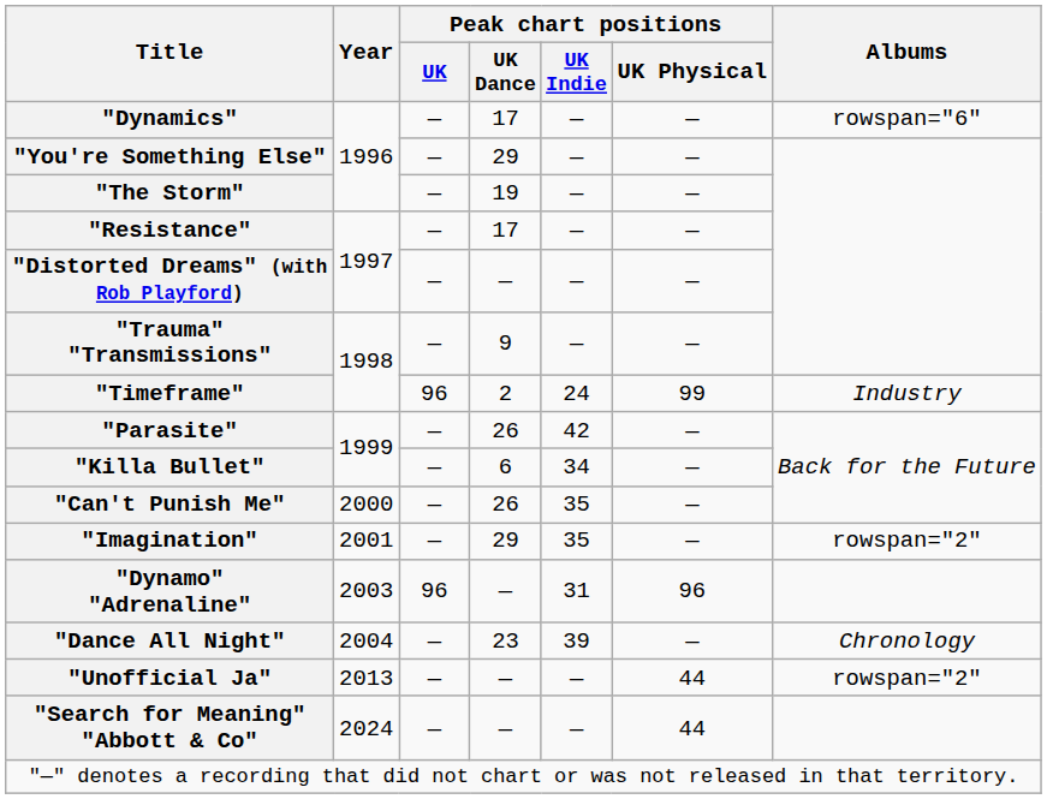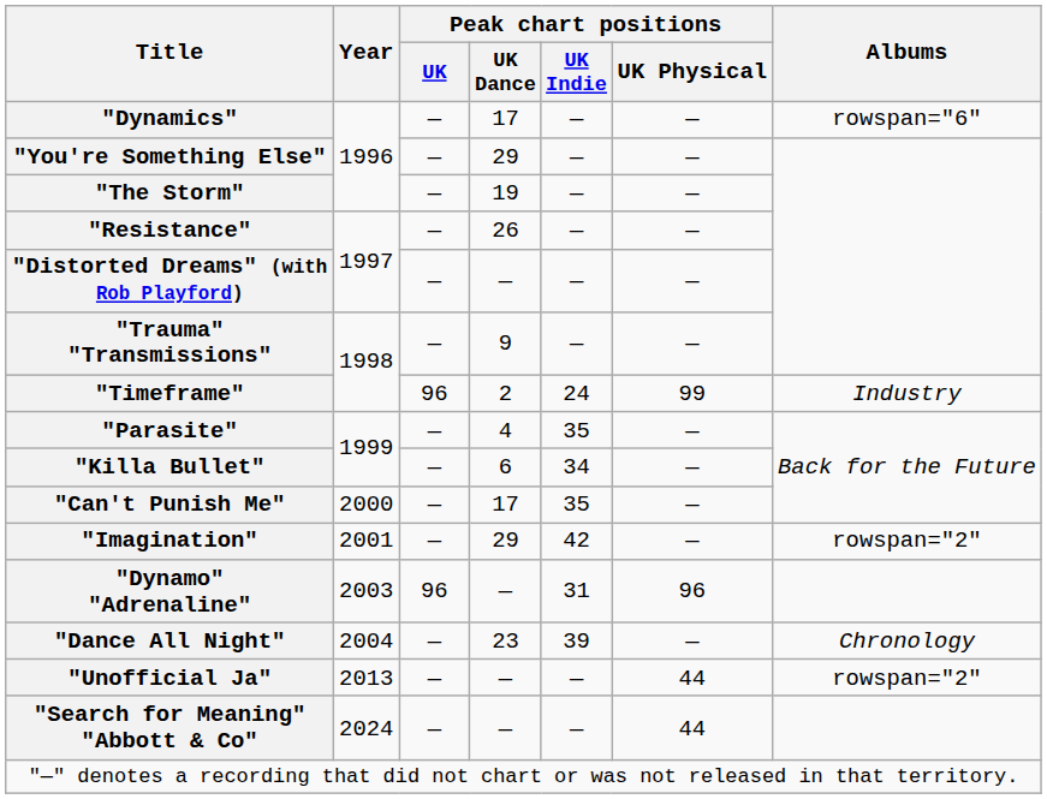 <table class="wikitable plainrowheaders" style="text-align:center;">
 <tr>
 <th scope="col" rowspan="2" style="width:14em;">Title</th>
 <th rowspan="2" scope="col">Year</th>
 <th colspan="4" scope="col">Peak chart positions</th>
 <th rowspan="2">Albums</th>
 </tr>
 <tr>
 <th scope="col" style="width:3em;font-size:90%;"><a href='#'>UK</a></th>
 <th scope="col" style="width:3em;font-size:90%;">UK Dance</th>
 <th scope="col" style="width:3em;font-size:90%;"><a href='#'>UK Indie</a></th>
 <th>UK  Physical</th>
 </tr>
 <tr>
 <th scope="row">"Dynamics"</th>
 <td rowspan="3">1996</td>
 <td>—</td>
 <td>17</td>
 <td>—</td>
 <td>—</td>
 <td>rowspan="6" </td>
 </tr>
 <tr>
 <th scope="row">"You're Something Else"</th>
 <td>—</td>
 <td>29</td>
 <td>—</td>
 <td>—</td>
 </tr>
 <tr>
 <th scope="row">"The Storm"</th>
 <td>—</td>
 <td>19</td>
 <td>—</td>
 <td>—</td>
 </tr>
 <tr>
 <th scope="row">"Resistance"</th>
 <td rowspan="2">1997</td>
 <td>—</td>
-<td>17</td>
+<td>26</td>
 <td>—</td>
 <td>—</td>
 </tr>
 <tr>
 <th scope="row">"Distorted Dreams" <small>(with <a href='#'>Rob Playford</a>)</small></th>
 <td>—</td>
 <td>—</td>
 <td>—</td>
 <td>—</td>
 </tr>
 <tr>
 <th scope="row">"Trauma"<br>"Transmissions"</th>
 <td rowspan="2">1998</td>
 <td>—</td>
 <td>9</td>
 <td>—</td>
 <td>—</td>
 </tr>
 <tr>
 <th scope="row">"Timeframe"</th>
 <td>96</td>
 <td>2</td>
 <td>24</td>
 <td>99</td>
 <td><em>Industry</em></td>
 </tr>
 <tr>
 <th scope="row">"Parasite"</th>
 <td rowspan="2">1999</td>
 <td>—</td>
-<td>26</td>
-<td>42</td>
+<td>4</td>
+<td>35</td>
 <td>—</td>
 <td rowspan="3"><em>Back for the Future</em></td>
 </tr>
 <tr>
 <th scope="row">"Killa Bullet"</th>
 <td>—</td>
 <td>6</td>
 <td>34</td>
 <td>—</td>
 </tr>
 <tr>
 <th scope="row">"Can't Punish Me"</th>
 <td>2000</td>
 <td>—</td>
-<td>26</td>
+<td>17</td>
 <td>35</td>
 <td>—</td>
 </tr>
 <tr>
 <th scope="row">"Imagination"</th>
 <td>2001</td>
 <td>—</td>
 <td>29</td>
-<td>35</td>
+<td>42</td>
 <td>—</td>
 <td>rowspan="2" </td>
 </tr>
 <tr>
 <th scope="row">"Dynamo"<br>"Adrenaline"</th>
 <td>2003</td>
 <td>96</td>
 <td>—</td>
 <td>31</td>
 <td>96</td>
 </tr>
 <tr>
 <th scope="row">"Dance All Night"</th>
 <td>2004</td>
 <td>—</td>
 <td>23</td>
 <td>39</td>
 <td>—</td>
 <td><em>Chronology</em></td>
 </tr>
 <tr>
 <th scope="row">"Unofficial Ja"</th>
 <td>2013</td>
 <td>—</td>
 <td>—</td>
 <td>—</td>
 <td>44</td>
 <td>rowspan="2" </td>
 </tr>
 <tr>
 <th scope="row">"Search for Meaning"<br>"Abbott & Co"</th>
 <td>2024</td>
 <td>—</td>
 <td>—</td>
 <td>—</td>
 <td>44</td>
 </tr>
 <tr>
 <td colspan="7" style="font-size:90%">"—" denotes a recording that did not chart or was not released in that territory.</td>
 </tr>
 </table>
